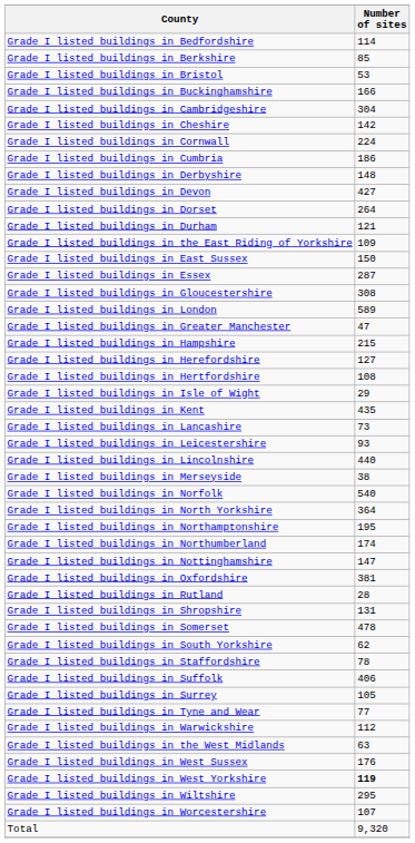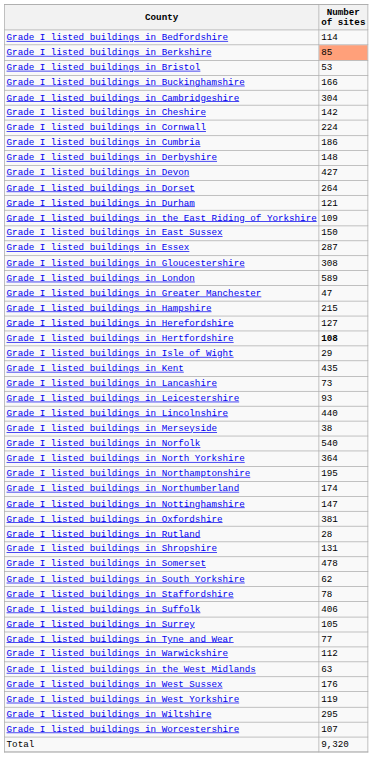 <table class="wikitable sortable">
 <tr>
 </tr>
 <tr>
 <th>County</th>
 <th>Number<br> of sites</th>
 </tr>
 <tr ->
 <td data-sort-value= 1><a href='#'>Grade I listed buildings in Bedfordshire</a></td>
 <td>114</td>
 </tr>
 <tr ->
 <td data-sort-value= 2><a href='#'>Grade I listed buildings in Berkshire</a></td>
-<td>85</td>
+<td style="background: lightsalmon;">85</td>
 </tr>
 <tr ->
 <td data-sort-value= 3><a href='#'>Grade I listed buildings in Bristol</a></td>
 <td>53</td>
 </tr>
 <tr ->
 <td data-sort-value=4><a href='#'>Grade I listed buildings in Buckinghamshire</a></td>
 <td>166</td>
 </tr>
 <tr ->
 <td data-sort-value=5><a href='#'>Grade I listed buildings in Cambridgeshire</a></td>
 <td>304</td>
 </tr>
 <tr ->
 <td data-sort-value= 6><a href='#'>Grade I listed buildings in Cheshire</a></td>
 <td>142</td>
 </tr>
 <tr ->
 <td data-sort-value=7><a href='#'>Grade I listed buildings in Cornwall</a></td>
 <td>224</td>
 </tr>
 <tr ->
 <td data-sort-value=8><a href='#'>Grade I listed buildings in Cumbria</a></td>
 <td>186</td>
 </tr>
 <tr ->
 <td data-sort-value=9><a href='#'>Grade I listed buildings in Derbyshire</a></td>
 <td>148</td>
 </tr>
 <tr ->
 <td data-sort-value=10><a href='#'>Grade I listed buildings in Devon</a></td>
 <td>427</td>
 </tr>
 <tr ->
 <td data-sort-value= 11><a href='#'>Grade I listed buildings in Dorset</a></td>
 <td>264</td>
 </tr>
 <tr ->
 <td data-sort-value= 12><a href='#'>Grade I listed buildings in Durham</a></td>
 <td>121</td>
 </tr>
 <tr ->
 <td data-sort-value=13><a href='#'>Grade I listed buildings in the East Riding of Yorkshire</a></td>
 <td>109</td>
 </tr>
 <tr ->
 <td data-sort-value=14><a href='#'>Grade I listed buildings in East Sussex</a></td>
 <td>150</td>
 </tr>
 <tr ->
 <td data-sort-value=15><a href='#'>Grade I listed buildings in Essex</a></td>
 <td>287</td>
 </tr>
 <tr ->
 <td data-sort-value=16><a href='#'>Grade I listed buildings in Gloucestershire</a></td>
 <td>308</td>
 </tr>
 <tr ->
 <td data-sort-value=17><a href='#'>Grade I listed buildings in London</a></td>
 <td>589</td>
 </tr>
 <tr ->
 <td data-sort-value=18><a href='#'>Grade I listed buildings in Greater Manchester</a></td>
 <td>47</td>
 </tr>
 <tr ->
 <td data-sort-value= 19><a href='#'>Grade I listed buildings in Hampshire</a></td>
 <td>215</td>
 </tr>
 <tr ->
 <td data-sort-value=20><a href='#'>Grade I listed buildings in Herefordshire</a></td>
 <td>127</td>
 </tr>
 <tr ->
 <td data-sort-value=21><a href='#'>Grade I listed buildings in Hertfordshire</a></td>
-<td>108</td>
+<td><strong>108</strong></td>
 </tr>
 <tr ->
 <td data-sort-value= 22><a href='#'>Grade I listed buildings in Isle of Wight</a></td>
 <td>29</td>
 </tr>
 <tr ->
 <td data-sort-value=23><a href='#'>Grade I listed buildings in Kent</a></td>
 <td>435</td>
 </tr>
 <tr ->
 <td data-sort-value=24><a href='#'>Grade I listed buildings in Lancashire</a></td>
 <td>73</td>
 </tr>
 <tr ->
 <td data-sort-value=25><a href='#'>Grade I listed buildings in Leicestershire</a></td>
 <td>93</td>
 </tr>
 <tr ->
 <td data-sort-value=26><a href='#'>Grade I listed buildings in Lincolnshire</a></td>
 <td>440</td>
 </tr>
 <tr ->
 <td data-sort-value=27><a href='#'>Grade I listed buildings in Merseyside</a></td>
 <td>38</td>
 </tr>
 <tr ->
 <td data-sort-value=28><a href='#'>Grade I listed buildings in Norfolk</a></td>
 <td>540</td>
 </tr>
 <tr ->
 <td data-sort-value=29><a href='#'>Grade I listed buildings in North Yorkshire</a></td>
 <td>364</td>
 </tr>
 <tr ->
 <td data-sort-value=30><a href='#'>Grade I listed buildings in Northamptonshire</a></td>
 <td>195</td>
 </tr>
 <tr ->
 <td data-sort-value=31><a href='#'>Grade I listed buildings in Northumberland</a></td>
 <td>174</td>
 </tr>
 <tr ->
 <td data-sort-value=32><a href='#'>Grade I listed buildings in Nottinghamshire</a></td>
 <td>147</td>
 </tr>
 <tr ->
 <td data-sort-value= 33><a href='#'>Grade I listed buildings in Oxfordshire</a></td>
 <td>381</td>
 </tr>
 <tr ->
 <td data-sort-value=34><a href='#'>Grade I listed buildings in Rutland</a></td>
 <td>28</td>
 </tr>
 <tr ->
 <td data-sort-value=35><a href='#'>Grade I listed buildings in Shropshire</a></td>
 <td>131</td>
 </tr>
 <tr ->
 <td data-sort-value=36><a href='#'>Grade I listed buildings in Somerset</a></td>
 <td>478</td>
 </tr>
 <tr ->
 <td data-sort-value=37><a href='#'>Grade I listed buildings in South Yorkshire</a></td>
 <td>62</td>
 </tr>
 <tr ->
 <td data-sort-value=38><a href='#'>Grade I listed buildings in Staffordshire</a></td>
 <td>78</td>
 </tr>
 <tr ->
 <td data-sort-value=39><a href='#'>Grade I listed buildings in Suffolk</a></td>
 <td>406</td>
 </tr>
 <tr ->
 <td data-sort-value=40><a href='#'>Grade I listed buildings in Surrey</a></td>
 <td>105</td>
 </tr>
 <tr ->
 <td data-sort-value=41><a href='#'>Grade I listed buildings in Tyne and Wear</a></td>
 <td>77</td>
 </tr>
 <tr ->
 <td data-sort-value=42><a href='#'>Grade I listed buildings in Warwickshire</a></td>
 <td>112</td>
 </tr>
 <tr ->
 <td data-sort-value=43><a href='#'>Grade I listed buildings in the West Midlands</a></td>
 <td>63</td>
 </tr>
 <tr ->
 <td data-sort-value= 44><a href='#'>Grade I listed buildings in West Sussex</a></td>
 <td>176</td>
 </tr>
 <tr ->
 <td data-sort-value= 45><a href='#'>Grade I listed buildings in West Yorkshire</a></td>
-<td><strong>119</strong></td>
+<td>119</td>
 </tr>
 <tr ->
 <td data-sort-value=46><a href='#'>Grade I listed buildings in Wiltshire</a></td>
 <td>295</td>
 </tr>
 <tr ->
 <td data-sort-value= 47><a href='#'>Grade I listed buildings in Worcestershire</a></td>
 <td>107</td>
 </tr>
 <tr ->
 <td>Total</td>
 <td>9,320</td>
 </tr>
 <tr ->
 </tr>
 </table>
